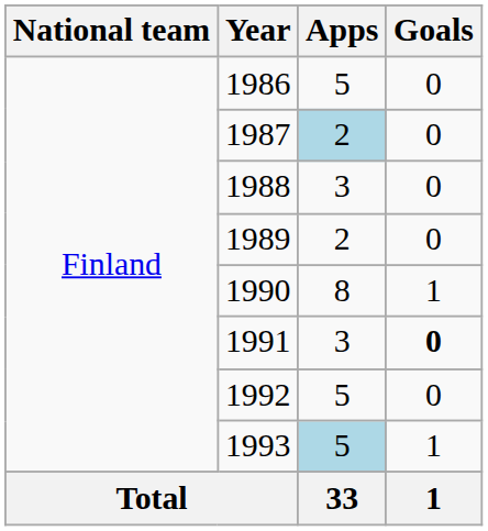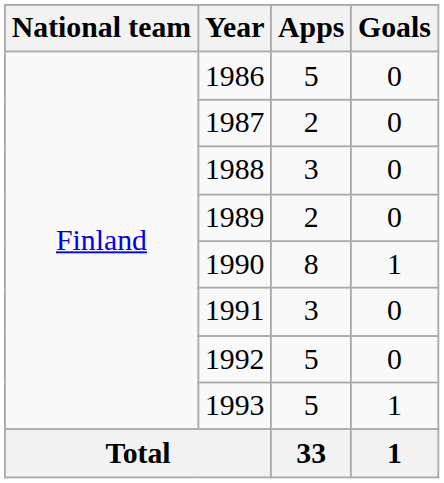 <table class="wikitable" style="text-align:center">
 <tr>
 <th>National team</th>
 <th>Year</th>
 <th>Apps</th>
 <th>Goals</th>
 </tr>
 <tr>
 <td rowspan="8"><a href='#'>Finland</a></td>
 <td>1986</td>
 <td>5</td>
 <td>0</td>
 </tr>
 <tr>
 <td>1987</td>
-<td style="background: lightblue;">2</td>
+<td>2</td>
 <td>0</td>
 </tr>
 <tr>
 <td>1988</td>
 <td>3</td>
 <td>0</td>
 </tr>
 <tr>
 <td>1989</td>
 <td>2</td>
 <td>0</td>
 </tr>
 <tr>
 <td>1990</td>
 <td>8</td>
 <td>1</td>
 </tr>
 <tr>
 <td>1991</td>
 <td>3</td>
-<td><strong>0</strong></td>
+<td>0</td>
 </tr>
 <tr>
 <td>1992</td>
 <td>5</td>
 <td>0</td>
 </tr>
 <tr>
 <td>1993</td>
-<td style="background: lightblue;">5</td>
+<td>5</td>
 <td>1</td>
 </tr>
 <tr>
 <th colspan="2">Total</th>
 <th>33</th>
 <th>1</th>
 </tr>
 </table>
